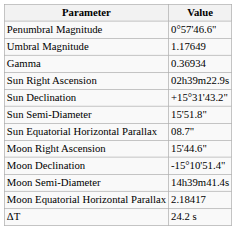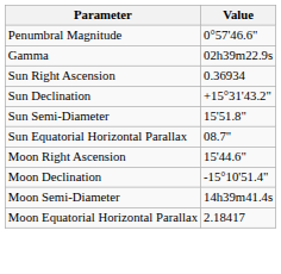 <table class="wikitable">
 <tr>
 <th>Parameter</th>
 <th>Value</th>
 </tr>
 <tr>
 <td>Penumbral Magnitude</td>
 <td>0°57'46.6"</td>
 </tr>
 <tr>
-<td>Umbral Magnitude</td>
-<td>1.17649</td>
-</tr>
-<tr>
 <td>Gamma</td>
-<td>0.36934</td>
+<td>02h39m22.9s</td>
 </tr>
 <tr>
 <td>Sun Right Ascension</td>
-<td>02h39m22.9s</td>
+<td>0.36934</td>
 </tr>
 <tr>
 <td>Sun Declination</td>
 <td>+15°31'43.2"</td>
 </tr>
 <tr>
 <td>Sun Semi-Diameter</td>
 <td>15'51.8"</td>
 </tr>
 <tr>
 <td>Sun Equatorial Horizontal Parallax</td>
 <td>08.7"</td>
 </tr>
 <tr>
 <td>Moon Right Ascension</td>
 <td>15'44.6"</td>
 </tr>
 <tr>
 <td>Moon Declination</td>
 <td>-15°10'51.4"</td>
 </tr>
 <tr>
 <td>Moon Semi-Diameter</td>
 <td>14h39m41.4s</td>
 </tr>
 <tr>
 <td>Moon Equatorial Horizontal Parallax</td>
 <td>2.18417</td>
 </tr>
-<tr>
-<td>ΔT</td>
-<td>24.2 s</td>
-</tr>
 </table>
